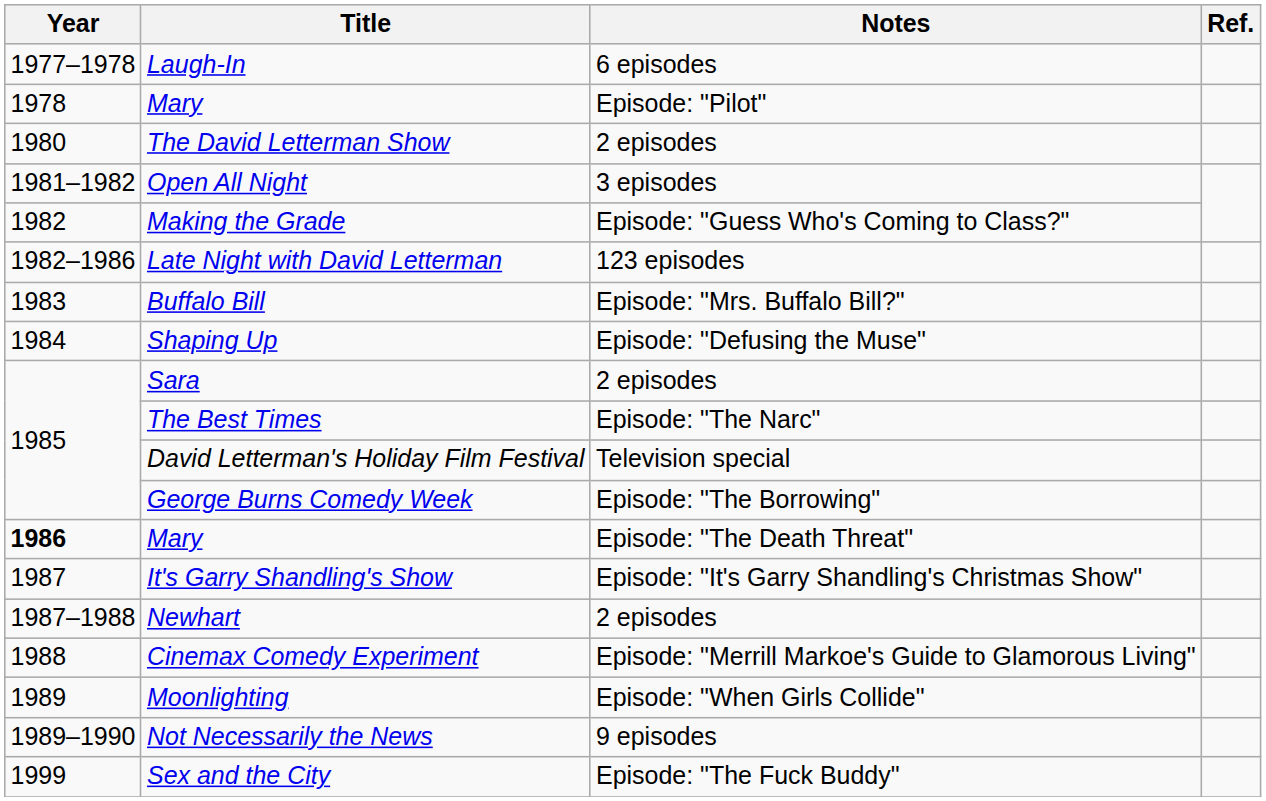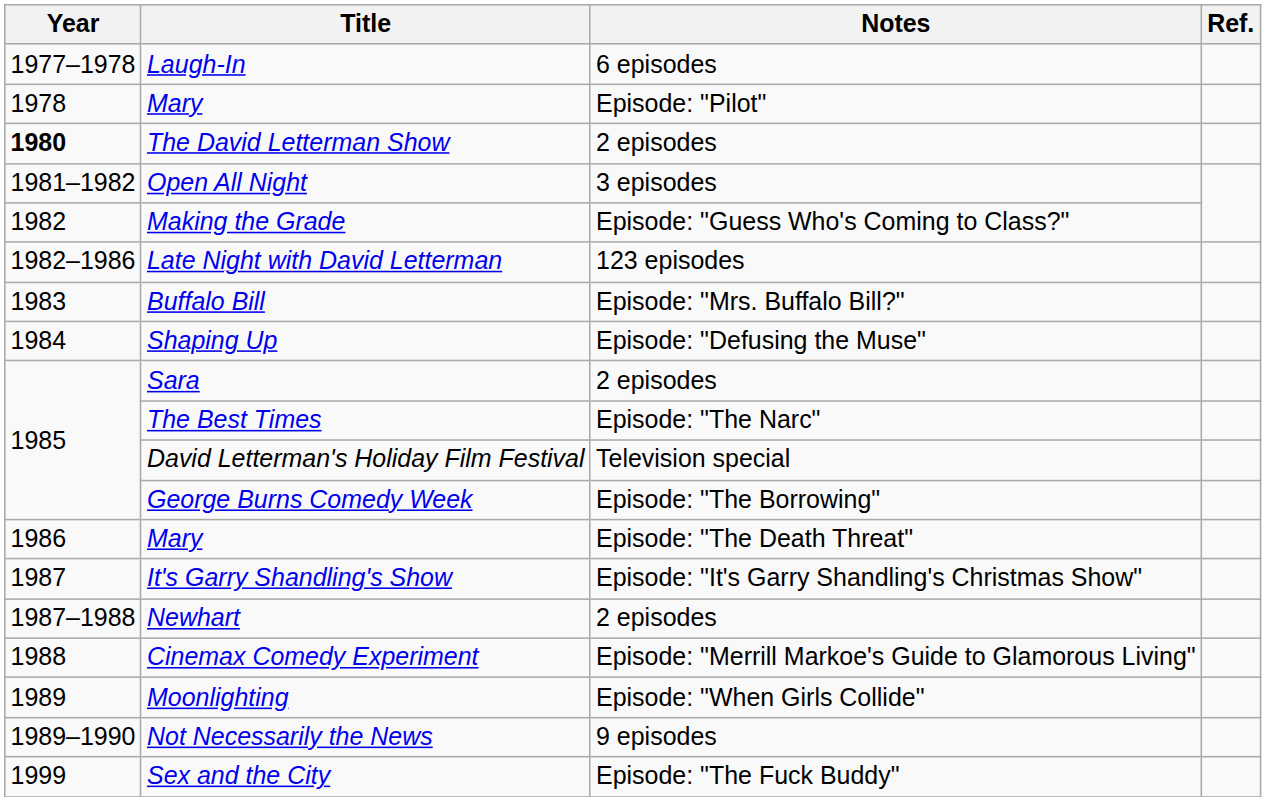 <table class="wikitable sortable">
 <tr>
 <th>Year</th>
 <th>Title</th>
 <th>Notes</th>
 <th class="unsortable">Ref.</th>
 </tr>
 <tr>
 <td>1977–1978</td>
 <td><em><a href='#'>Laugh-In</a></em></td>
 <td>6 episodes</td>
 <td></td>
 </tr>
 <tr>
 <td>1978</td>
 <td><em><a href='#'>Mary</a></em></td>
 <td>Episode: "Pilot"</td>
 <td></td>
 </tr>
 <tr>
-<td>1980</td>
+<td><strong>1980</strong></td>
 <td><em><a href='#'>The David Letterman Show</a></em></td>
 <td>2 episodes</td>
 <td></td>
 </tr>
 <tr>
 <td>1981–1982</td>
 <td><em><a href='#'>Open All Night</a></em></td>
 <td>3 episodes</td>
 </tr>
 <tr>
 <td>1982</td>
 <td><em><a href='#'>Making the Grade</a></em></td>
 <td>Episode: "Guess Who's Coming to Class?"</td>
 </tr>
 <tr>
 <td>1982–1986</td>
 <td><em><a href='#'>Late Night with David Letterman</a></em></td>
 <td>123 episodes</td>
 <td></td>
 </tr>
 <tr>
 <td>1983</td>
 <td><em><a href='#'>Buffalo Bill</a></em></td>
 <td>Episode: "Mrs. Buffalo Bill?"</td>
 <td></td>
 </tr>
 <tr>
 <td>1984</td>
 <td><em><a href='#'>Shaping Up</a></em></td>
 <td>Episode: "Defusing the Muse"</td>
 <td></td>
 </tr>
 <tr>
 <td rowspan=4>1985</td>
 <td><em><a href='#'>Sara</a></em></td>
 <td>2 episodes</td>
 <td></td>
 </tr>
 <tr>
 <td><em><a href='#'>The Best Times</a></em></td>
 <td>Episode: "The Narc"</td>
 <td></td>
 </tr>
 <tr>
 <td><em>David Letterman's Holiday Film Festival</em></td>
 <td>Television special</td>
 <td></td>
 </tr>
 <tr>
 <td><em><a href='#'>George Burns Comedy Week</a></em></td>
 <td>Episode: "The Borrowing"</td>
 <td></td>
 </tr>
 <tr>
-<td><strong>1986</strong></td>
+<td>1986</td>
 <td><em><a href='#'>Mary</a></em></td>
 <td>Episode: "The Death Threat"</td>
 <td></td>
 </tr>
 <tr>
 <td>1987</td>
 <td><em><a href='#'>It's Garry Shandling's Show</a></em></td>
 <td>Episode: "It's Garry Shandling's Christmas Show"</td>
 <td></td>
 </tr>
 <tr>
 <td>1987–1988</td>
 <td><em><a href='#'>Newhart</a></em></td>
 <td>2 episodes</td>
 <td></td>
 </tr>
 <tr>
 <td>1988</td>
 <td><em><a href='#'>Cinemax Comedy Experiment</a></em></td>
 <td>Episode: "Merrill Markoe's Guide to Glamorous Living"</td>
 <td></td>
 </tr>
 <tr>
 <td>1989</td>
 <td><em><a href='#'>Moonlighting</a></em></td>
 <td>Episode: "When Girls Collide"</td>
 <td></td>
 </tr>
 <tr>
 <td>1989–1990</td>
 <td><em><a href='#'>Not Necessarily the News</a></em></td>
 <td>9 episodes</td>
 <td></td>
 </tr>
 <tr>
 <td>1999</td>
 <td><em><a href='#'>Sex and the City</a></em></td>
 <td>Episode: "The Fuck Buddy"</td>
 <td></td>
 </tr>
 <tr>
 </tr>
 </table>
